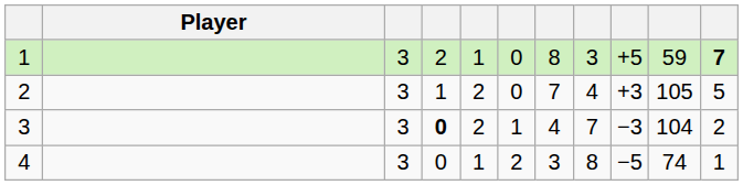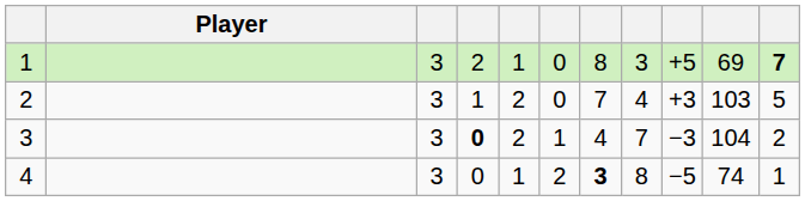 <table class="wikitable" style="text-align:center; margin: 1em auto 1em auto, align:left">
 <tr>
 <th width=20></th>
 <th width=240>Player</th>
 <th width=20></th>
 <th width=20></th>
 <th width=20></th>
 <th width=20></th>
 <th width=20></th>
 <th width=20></th>
 <th width=20></th>
 <th width=30></th>
 <th width=20></th>
 </tr>
 <tr style="background:#D0F0C0;">
 <td>1</td>
 <td align=left></td>
 <td>3</td>
 <td>2</td>
 <td>1</td>
 <td>0</td>
 <td>8</td>
 <td>3</td>
 <td>+5</td>
-<td>59</td>
+<td>69</td>
 <td><strong>7</strong></td>
 </tr>
 <tr style=>
 <td>2</td>
 <td align=left></td>
 <td>3</td>
 <td>1</td>
 <td>2</td>
 <td>0</td>
 <td>7</td>
 <td>4</td>
 <td>+3</td>
-<td>105</td>
+<td>103</td>
 <td>5</td>
 </tr>
 <tr style=>
 <td>3</td>
 <td align=left></td>
 <td>3</td>
 <td><strong>0</strong></td>
 <td>2</td>
 <td>1</td>
 <td>4</td>
 <td>7</td>
 <td>−3</td>
 <td>104</td>
 <td>2</td>
 </tr>
 <tr style=>
 <td>4</td>
 <td align=left></td>
 <td>3</td>
 <td>0</td>
 <td>1</td>
 <td>2</td>
-<td>3</td>
+<td><strong>3</strong></td>
 <td>8</td>
 <td>−5</td>
 <td>74</td>
 <td>1</td>
 </tr>
 </table>
